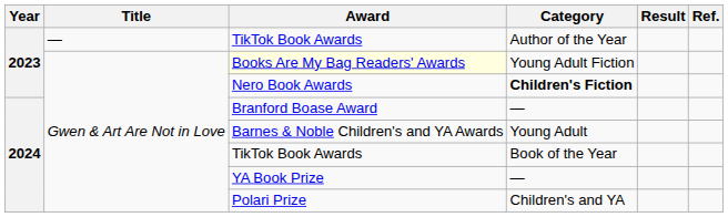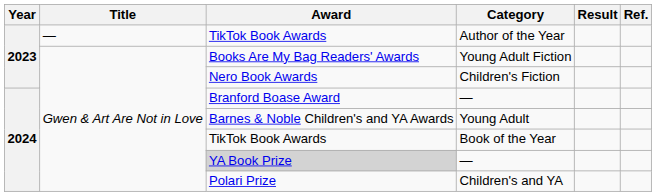 <table class="wikitable sortable">
 <tr>
 <th>Year</th>
 <th>Title</th>
 <th>Award</th>
 <th>Category</th>
 <th>Result</th>
 <th>Ref.</th>
 </tr>
 <tr>
 <th rowspan="3">2023</th>
 <td>—</td>
 <td><a href='#'>TikTok Book Awards</a></td>
 <td>Author of the Year</td>
 <td></td>
 <td></td>
 </tr>
 <tr>
 <td rowspan="7"><em>Gwen & Art Are Not in Love</em></td>
-<td style="background: lightyellow;"><a href='#'>Books Are My Bag Readers' Awards</a></td>
+<td><a href='#'>Books Are My Bag Readers' Awards</a></td>
 <td>Young Adult Fiction</td>
 <td></td>
 <td></td>
 </tr>
 <tr>
 <td><a href='#'>Nero Book Awards</a></td>
-<td><strong>Children's Fiction</strong></td>
+<td>Children's Fiction</td>
 <td></td>
 <td></td>
 </tr>
 <tr>
 <th rowspan="5">2024</th>
 <td><a href='#'>Branford Boase Award</a></td>
 <td>—</td>
 <td></td>
 <td></td>
 </tr>
 <tr>
 <td><a href='#'>Barnes & Noble</a> Children's and YA Awards</td>
 <td>Young Adult</td>
 <td></td>
 <td></td>
 </tr>
 <tr>
 <td>TikTok Book Awards</td>
 <td>Book of the Year</td>
 <td></td>
 <td></td>
 </tr>
 <tr>
-<td><a href='#'>YA Book Prize</a></td>
+<td style="background: lightgrey;"><a href='#'>YA Book Prize</a></td>
 <td>—</td>
 <td></td>
 <td></td>
 </tr>
 <tr>
 <td><a href='#'>Polari Prize</a></td>
 <td>Children's and YA</td>
 <td></td>
 <td></td>
 </tr>
 </table>
